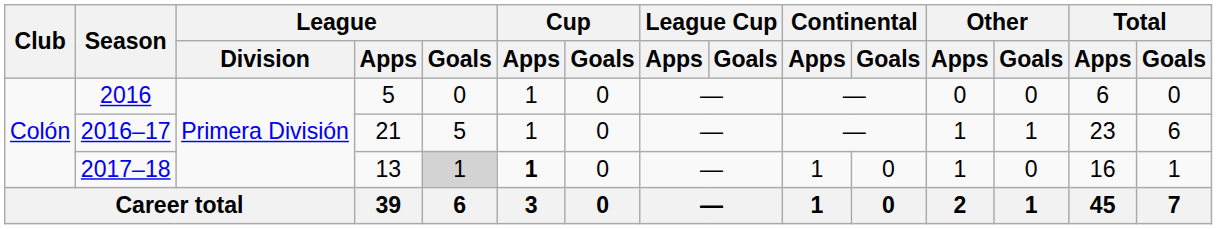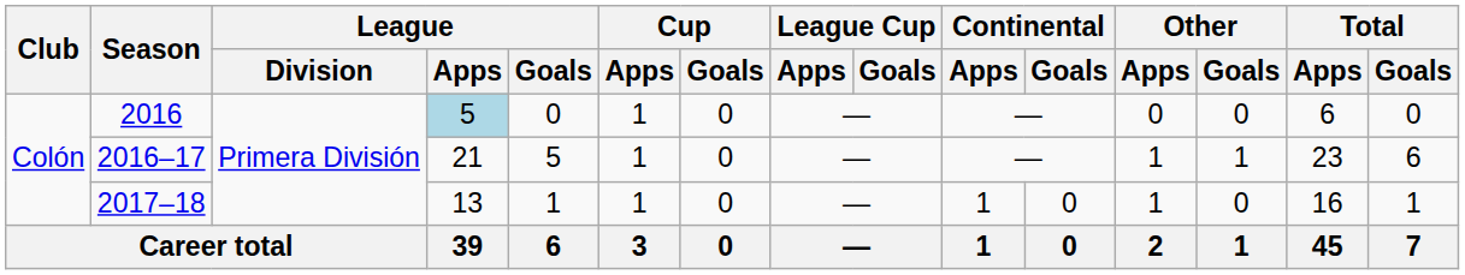 <table class="wikitable" style="text-align:center">
 <tr>
 <th rowspan="2">Club</th>
 <th rowspan="2">Season</th>
 <th colspan="3">League</th>
 <th colspan="2">Cup</th>
 <th colspan="2">League Cup</th>
 <th colspan="2">Continental</th>
 <th colspan="2">Other</th>
 <th colspan="2">Total</th>
 </tr>
 <tr>
 <th>Division</th>
 <th>Apps</th>
 <th>Goals</th>
 <th>Apps</th>
 <th>Goals</th>
 <th>Apps</th>
 <th>Goals</th>
 <th>Apps</th>
 <th>Goals</th>
 <th>Apps</th>
 <th>Goals</th>
 <th>Apps</th>
 <th>Goals</th>
 </tr>
 <tr>
 <td rowspan="3"><a href='#'>Colón</a></td>
 <td><a href='#'>2016</a></td>
 <td rowspan="3"><a href='#'>Primera División</a></td>
-<td>5</td>
+<td style="background: lightblue;">5</td>
 <td>0</td>
 <td>1</td>
 <td>0</td>
 <td colspan="2">—</td>
 <td colspan="2">—</td>
 <td>0</td>
 <td>0</td>
 <td>6</td>
 <td>0</td>
 </tr>
 <tr>
 <td><a href='#'>2016–17</a></td>
 <td>21</td>
 <td>5</td>
 <td>1</td>
 <td>0</td>
 <td colspan="2">—</td>
 <td colspan="2">—</td>
 <td>1</td>
 <td>1</td>
 <td>23</td>
 <td>6</td>
 </tr>
 <tr>
 <td><a href='#'>2017–18</a></td>
 <td>13</td>
-<td style="background: lightgrey;">1</td>
-<td><strong>1</strong></td>
+<td>1</td>
+<td>1</td>
 <td>0</td>
 <td colspan="2">—</td>
 <td>1</td>
 <td>0</td>
 <td>1</td>
 <td>0</td>
 <td>16</td>
 <td>1</td>
 </tr>
 <tr>
 <th colspan="3">Career total</th>
 <th>39</th>
 <th>6</th>
 <th>3</th>
 <th>0</th>
 <th colspan="2">—</th>
 <th>1</th>
 <th>0</th>
 <th>2</th>
 <th>1</th>
 <th>45</th>
 <th>7</th>
 </tr>
 </table>
